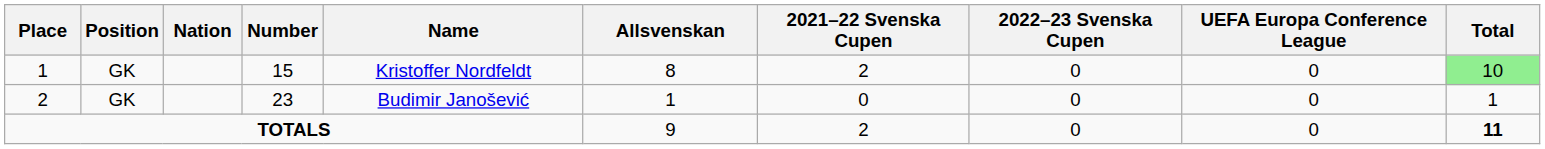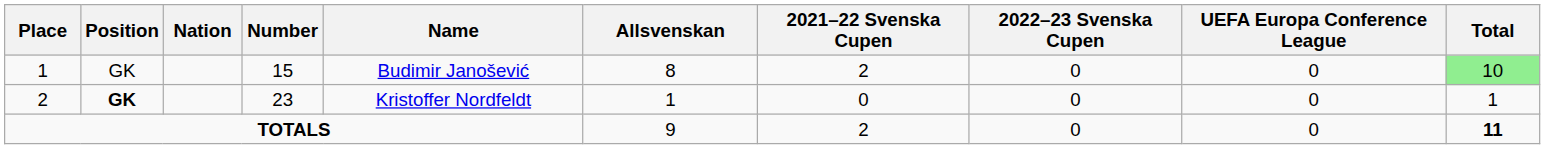 <table class="wikitable" style="font-size: 95%; text-align: center;">
 <tr>
 <th width=60>Place</th>
 <th width=60>Position</th>
 <th width=60>Nation</th>
 <th width=60>Number</th>
 <th width=250>Name</th>
 <th width=150>Allsvenskan</th>
 <th width=200>2021–22 Svenska Cupen</th>
 <th width=200>2022–23 Svenska Cupen</th>
 <th width=250>UEFA Europa Conference League</th>
 <th width=80><strong>Total</strong></th>
 </tr>
 <tr>
 <td>1</td>
 <td>GK</td>
 <td></td>
 <td>15</td>
-<td><a href='#'>Kristoffer Nordfeldt</a></td>
+<td><a href='#'>Budimir Janošević</a></td>
 <td>8</td>
 <td>2</td>
 <td>0</td>
 <td>0</td>
 <td style="background: lightgreen;">10</td>
 </tr>
 <tr>
 <td>2</td>
-<td>GK</td>
+<td><strong>GK</strong></td>
 <td></td>
 <td>23</td>
-<td><a href='#'>Budimir Janošević</a></td>
+<td><a href='#'>Kristoffer Nordfeldt</a></td>
 <td>1</td>
 <td>0</td>
 <td>0</td>
 <td>0</td>
 <td>1</td>
 </tr>
 <tr>
 <td colspan="5"><strong>TOTALS</strong></td>
 <td>9</td>
 <td>2</td>
 <td>0</td>
 <td>0</td>
 <td><strong>11</strong></td>
 </tr>
 </table>
